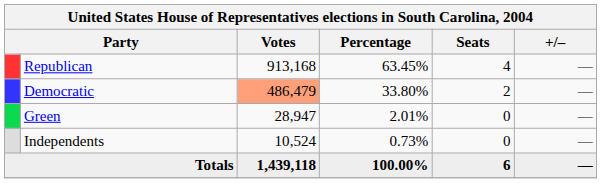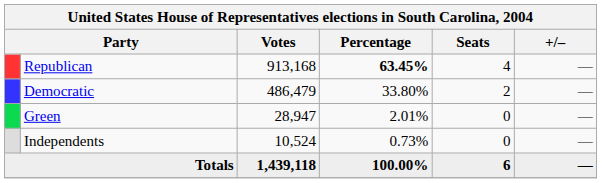 <table class="wikitable" style="font-size: 95%;">
 <tr>
 <th colspan="6">United States House of Representatives elections in South Carolina, 2004</th>
 </tr>
 <tr>
 <th colspan=2 style="width: 15em">Party</th>
 <th style="width: 5em">Votes</th>
 <th style="width: 7em">Percentage</th>
 <th style="width: 5em">Seats</th>
 <th style="width: 5em">+/–</th>
 </tr>
 <tr>
 <th style="background-color:#FF3333; width: 3px"></th>
 <td style="width: 130px"><a href='#'>Republican</a></td>
 <td align="right">913,168</td>
-<td align="right">63.45%</td>
+<td align="right"><strong>63.45%</strong></td>
 <td align="right">4</td>
 <td align="right">—</td>
 </tr>
 <tr>
 <th style="background-color:#3333FF; width: 3px"></th>
 <td style="width: 130px"><a href='#'>Democratic</a></td>
-<td align="right" style="background: lightsalmon;">486,479</td>
+<td align="right">486,479</td>
 <td align="right">33.80%</td>
 <td align="right">2</td>
 <td align="right">—</td>
 </tr>
 <tr>
 <th style="background-color:#0BDA51; width: 3px"></th>
 <td style="width: 130px"><a href='#'>Green</a></td>
 <td align="right">28,947</td>
 <td align="right">2.01%</td>
 <td align="right">0</td>
 <td align="right">—</td>
 </tr>
 <tr>
 <th style="background-color:#DDDDDD; width: 3px"></th>
 <td style="width: 130px">Independents</td>
 <td align="right">10,524</td>
 <td align="right">0.73%</td>
 <td align="right">0</td>
 <td align="right">—</td>
 </tr>
 <tr bgcolor="#EEEEEE">
 <td colspan="2" align="right"><strong>Totals</strong></td>
 <td align="right"><strong>1,439,118</strong></td>
 <td align="right"><strong>100.00%</strong></td>
 <td align="right"><strong>6</strong></td>
 <td align="right"><strong>—</strong></td>
 </tr>
 <tr bgcolor="#EEEEEE">
 </tr>
 </table>
